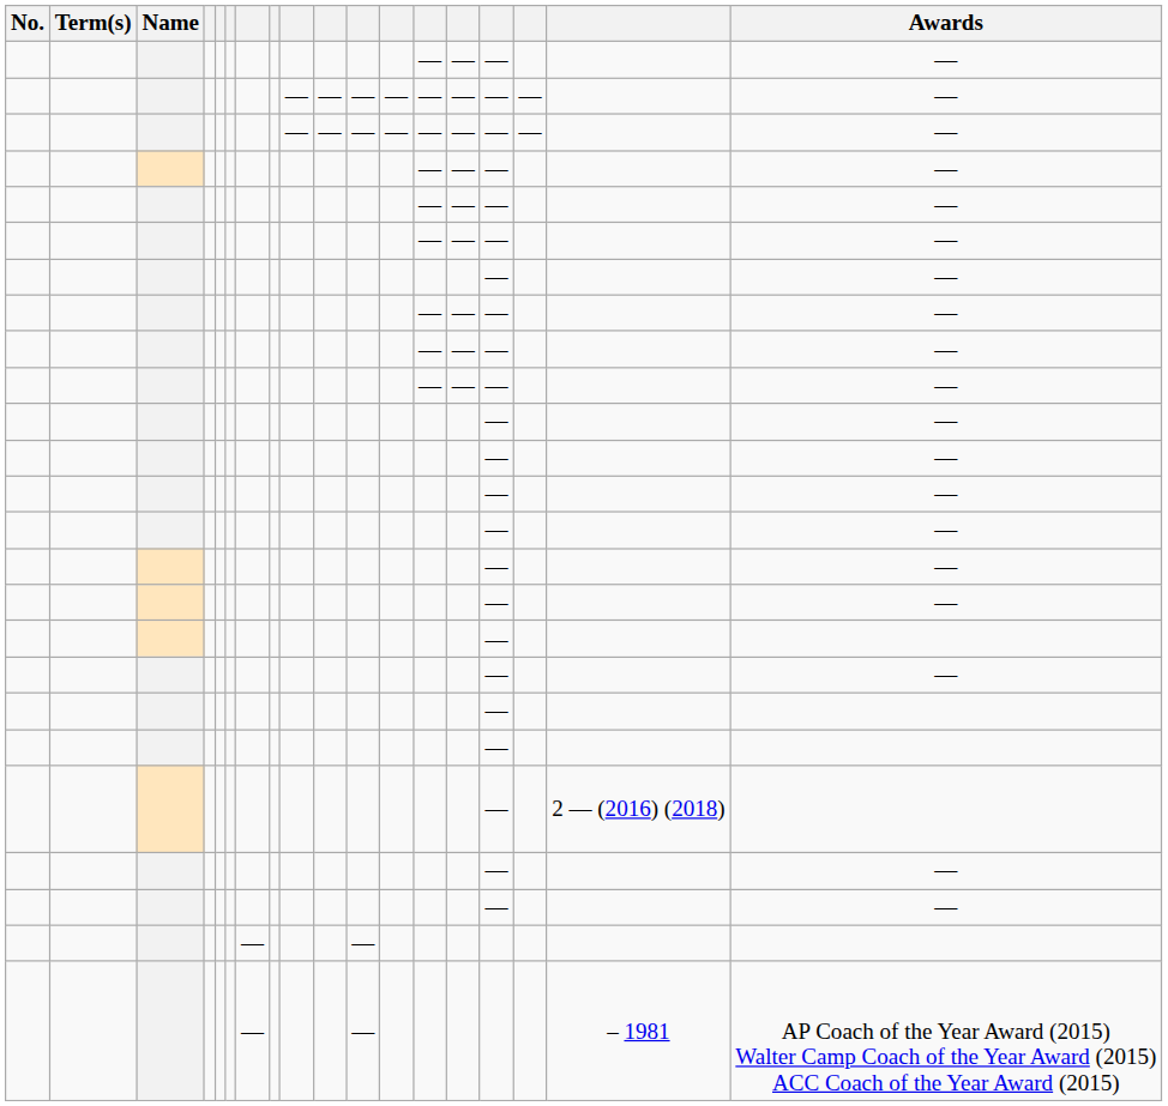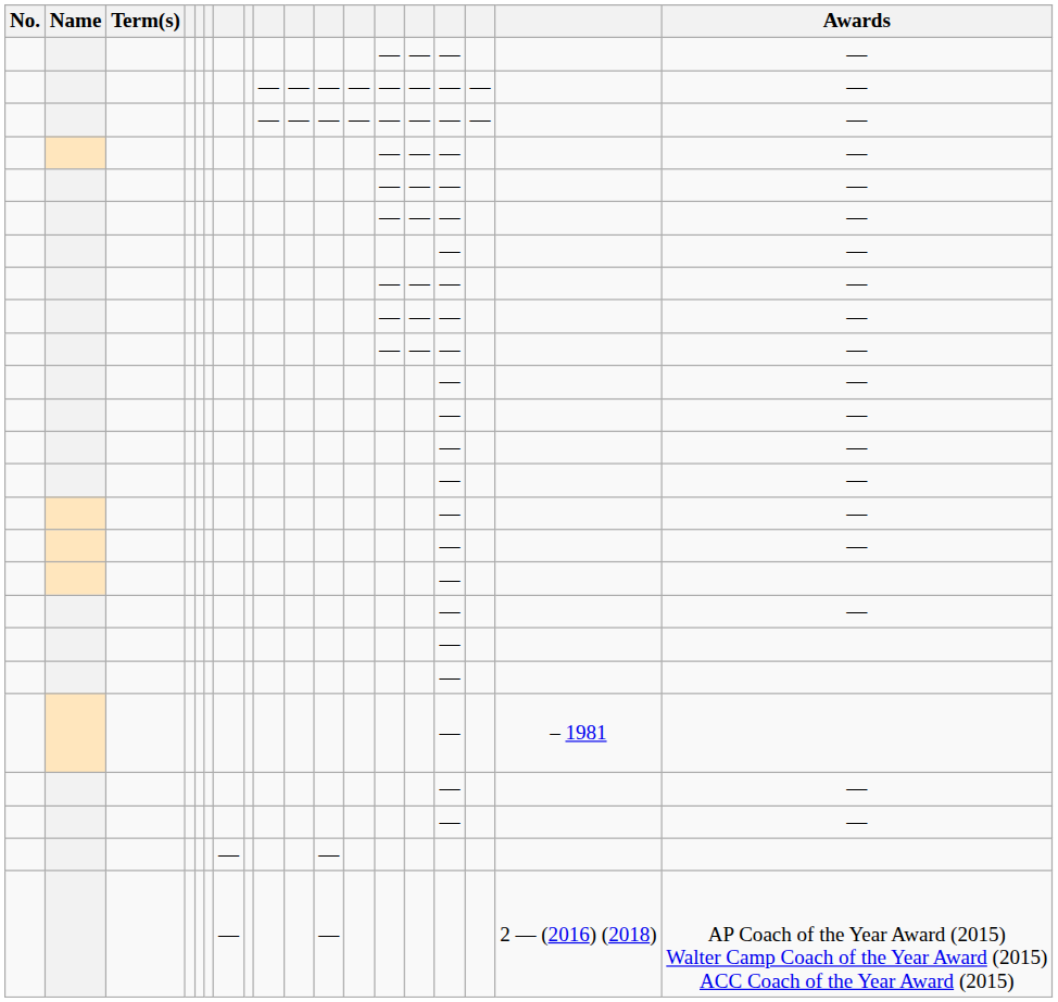 <table class="wikitable plainrowheaders sortable" style="text-align:center;">
 <tr>
 <th scope="col">No.</th>
+<th scope="col">Name</th>
 <th scope="col">Term(s)</th>
-<th scope="col">Name</th>
 <th scope="col"></th>
 <th scope="col"></th>
 <th scope="col"></th>
 <th scope="col"></th>
 <th scope="col"></th>
 <th scope="col"></th>
 <th scope="col"></th>
 <th scope="col"></th>
 <th scope="col"></th>
 <th scope="col"></th>
 <th scope="col"></th>
 <th scope="col"></th>
 <th scope="col"></th>
 <th scope="col"></th>
 <th scope="col" class="unsortable">Awards</th>
 </tr>
 <tr>
 <td></td>
+<th scope="row"></th>
 <td></td>
-<th scope="row"></th>
 <td></td>
 <td></td>
 <td></td>
 <td></td>
 <td></td>
 <td></td>
 <td></td>
 <td></td>
 <td></td>
 <td>—</td>
 <td>—</td>
 <td>—</td>
 <td></td>
 <td></td>
 <td>—</td>
 </tr>
 <tr>
 <td></td>
+<th scope="row"></th>
 <td></td>
-<th scope="row"></th>
 <td></td>
 <td></td>
 <td></td>
 <td></td>
 <td></td>
 <td>—</td>
 <td>—</td>
 <td>—</td>
 <td>—</td>
 <td>—</td>
 <td>—</td>
 <td>—</td>
 <td>—</td>
 <td></td>
 <td>—</td>
 </tr>
 <tr>
 <td></td>
+<th scope="row"></th>
 <td></td>
-<th scope="row"></th>
 <td></td>
 <td></td>
 <td></td>
 <td></td>
 <td></td>
 <td>—</td>
 <td>—</td>
 <td>—</td>
 <td>—</td>
 <td>—</td>
 <td>—</td>
 <td>—</td>
 <td>—</td>
 <td></td>
 <td>—</td>
 </tr>
 <tr>
 <td></td>
+<td scope="row" align="left" bgcolor=#FFE6BD></td>
 <td></td>
-<td scope="row" align="left" bgcolor=#FFE6BD></td>
 <td></td>
 <td></td>
 <td></td>
 <td></td>
 <td></td>
 <td></td>
 <td></td>
 <td></td>
 <td></td>
 <td>—</td>
 <td>—</td>
 <td>—</td>
 <td></td>
 <td></td>
 <td>—</td>
 </tr>
 <tr>
 <td></td>
+<th scope="row"></th>
 <td></td>
-<th scope="row"></th>
 <td></td>
 <td></td>
 <td></td>
 <td></td>
 <td></td>
 <td></td>
 <td></td>
 <td></td>
 <td></td>
 <td>—</td>
 <td>—</td>
 <td>—</td>
 <td></td>
 <td></td>
 <td>—</td>
 </tr>
 <tr>
 <td></td>
+<th scope="row"></th>
 <td></td>
-<th scope="row"></th>
 <td></td>
 <td></td>
 <td></td>
 <td></td>
 <td></td>
 <td></td>
 <td></td>
 <td></td>
 <td></td>
 <td>—</td>
 <td>—</td>
 <td>—</td>
 <td></td>
 <td></td>
 <td>—</td>
 </tr>
 <tr>
 <td></td>
+<th scope="row"></th>
 <td></td>
-<th scope="row"></th>
 <td></td>
 <td></td>
 <td></td>
 <td></td>
 <td></td>
 <td></td>
 <td></td>
 <td></td>
 <td></td>
 <td></td>
 <td></td>
 <td>—</td>
 <td></td>
 <td></td>
 <td>—</td>
 </tr>
 <tr>
 <td></td>
+<th scope="row"></th>
 <td></td>
-<th scope="row"></th>
 <td></td>
 <td></td>
 <td></td>
 <td></td>
 <td></td>
 <td></td>
 <td></td>
 <td></td>
 <td></td>
 <td>—</td>
 <td>—</td>
 <td>—</td>
 <td></td>
 <td></td>
 <td>—</td>
 </tr>
 <tr>
 <td></td>
+<th scope="row"></th>
 <td></td>
-<th scope="row"></th>
 <td></td>
 <td></td>
 <td></td>
 <td></td>
 <td></td>
 <td></td>
 <td></td>
 <td></td>
 <td></td>
 <td>—</td>
 <td>—</td>
 <td>—</td>
 <td></td>
 <td></td>
 <td>—</td>
 </tr>
 <tr>
 <td></td>
+<th scope="row"></th>
 <td></td>
-<th scope="row"></th>
 <td></td>
 <td></td>
 <td></td>
 <td></td>
 <td></td>
 <td></td>
 <td></td>
 <td></td>
 <td></td>
 <td>—</td>
 <td>—</td>
 <td>—</td>
 <td></td>
 <td></td>
 <td>—</td>
 </tr>
 <tr>
 <td></td>
+<th scope="row"></th>
 <td></td>
-<th scope="row"></th>
 <td></td>
 <td></td>
 <td></td>
 <td></td>
 <td></td>
 <td></td>
 <td></td>
 <td></td>
 <td></td>
 <td></td>
 <td></td>
 <td>—</td>
 <td></td>
 <td></td>
 <td>—</td>
 </tr>
 <tr>
 <td></td>
+<th scope="row"></th>
 <td></td>
-<th scope="row"></th>
 <td></td>
 <td></td>
 <td></td>
 <td></td>
 <td></td>
 <td></td>
 <td></td>
 <td></td>
 <td></td>
 <td></td>
 <td></td>
 <td>—</td>
 <td></td>
 <td></td>
 <td>—</td>
 </tr>
 <tr>
 <td></td>
+<th scope="row"></th>
 <td></td>
-<th scope="row"></th>
 <td></td>
 <td></td>
 <td></td>
 <td></td>
 <td></td>
 <td></td>
 <td></td>
 <td></td>
 <td></td>
 <td></td>
 <td></td>
 <td>—</td>
 <td></td>
 <td></td>
 <td>—</td>
 </tr>
 <tr>
 <td></td>
+<th scope="row"></th>
 <td></td>
-<th scope="row"></th>
 <td></td>
 <td></td>
 <td></td>
 <td></td>
 <td></td>
 <td></td>
 <td></td>
 <td></td>
 <td></td>
 <td></td>
 <td></td>
 <td>—</td>
 <td></td>
 <td></td>
 <td>—</td>
 </tr>
 <tr>
 <td></td>
+<td scope="row" align="left" bgcolor=#FFE6BD></td>
 <td></td>
-<td scope="row" align="left" bgcolor=#FFE6BD></td>
 <td></td>
 <td></td>
 <td></td>
 <td></td>
 <td></td>
 <td></td>
 <td></td>
 <td></td>
 <td></td>
 <td></td>
 <td></td>
 <td>—</td>
 <td></td>
 <td></td>
 <td>—</td>
 </tr>
 <tr>
 <td></td>
+<td scope="row" align="left" bgcolor=#FFE6BD></td>
 <td></td>
-<td scope="row" align="left" bgcolor=#FFE6BD></td>
 <td></td>
 <td></td>
 <td></td>
 <td></td>
 <td></td>
 <td></td>
 <td></td>
 <td></td>
 <td></td>
 <td></td>
 <td></td>
 <td>—</td>
 <td></td>
 <td></td>
 <td>—</td>
 </tr>
 <tr>
 <td></td>
+<td scope="row" align="left" bgcolor=#FFE6BD></td>
 <td></td>
-<td scope="row" align="left" bgcolor=#FFE6BD></td>
 <td></td>
 <td></td>
 <td></td>
 <td></td>
 <td></td>
 <td></td>
 <td></td>
 <td></td>
 <td></td>
 <td></td>
 <td></td>
 <td>—</td>
 <td></td>
 <td></td>
 <td><br></td>
 </tr>
 <tr>
 <td></td>
+<th scope="row"></th>
 <td></td>
-<th scope="row"></th>
 <td></td>
 <td></td>
 <td></td>
 <td></td>
 <td></td>
 <td></td>
 <td></td>
 <td></td>
 <td></td>
 <td></td>
 <td></td>
 <td>—</td>
 <td></td>
 <td></td>
 <td>—</td>
 </tr>
 <tr>
 <td></td>
+<th scope="row"></th>
 <td></td>
-<th scope="row"></th>
 <td></td>
 <td></td>
 <td></td>
 <td></td>
 <td></td>
 <td></td>
 <td></td>
 <td></td>
 <td></td>
 <td></td>
 <td></td>
 <td>—</td>
 <td></td>
 <td></td>
 <td></td>
 </tr>
 <tr>
 <td></td>
+<th scope="row"></th>
 <td></td>
-<th scope="row"></th>
 <td></td>
 <td></td>
 <td></td>
 <td></td>
 <td></td>
 <td></td>
 <td></td>
 <td></td>
 <td></td>
 <td></td>
 <td></td>
 <td>—</td>
 <td></td>
 <td></td>
 <td><br></td>
 </tr>
 <tr>
 <td></td>
+<td scope="row" align="left" bgcolor=#FFE6BD></td>
 <td></td>
-<td scope="row" align="left" bgcolor=#FFE6BD></td>
 <td></td>
 <td></td>
 <td></td>
 <td></td>
 <td></td>
 <td></td>
 <td></td>
 <td></td>
 <td></td>
 <td></td>
 <td></td>
 <td>—</td>
 <td></td>
-<td>2 — (<a href='#'>2016</a>) (<a href='#'>2018</a>)</td>
+<td> – <a href='#'>1981</a></td>
 <td><br><br><br></td>
 </tr>
 <tr>
 <td></td>
+<th scope="row"></th>
 <td></td>
-<th scope="row"></th>
 <td></td>
 <td></td>
 <td></td>
 <td></td>
 <td></td>
 <td></td>
 <td></td>
 <td></td>
 <td></td>
 <td></td>
 <td></td>
 <td>—</td>
 <td></td>
 <td></td>
 <td>—</td>
 </tr>
 <tr>
 <td></td>
+<th scope="row"></th>
 <td></td>
-<th scope="row"></th>
 <td></td>
 <td></td>
 <td></td>
 <td></td>
 <td></td>
 <td></td>
 <td></td>
 <td></td>
 <td></td>
 <td></td>
 <td></td>
 <td>—</td>
 <td></td>
 <td></td>
 <td>—</td>
 </tr>
 <tr>
 <td></td>
+<th scope="row"></th>
 <td></td>
-<th scope="row"></th>
 <td></td>
 <td></td>
 <td></td>
 <td>—</td>
 <td></td>
 <td></td>
 <td></td>
 <td>—</td>
 <td></td>
 <td></td>
 <td></td>
 <td></td>
 <td></td>
 <td></td>
 <td><br></td>
 </tr>
 <tr>
 <td></td>
+<th scope="row"></th>
 <td></td>
-<th scope="row"></th>
 <td></td>
 <td></td>
 <td></td>
 <td>—</td>
 <td></td>
 <td></td>
 <td></td>
 <td>—</td>
 <td></td>
 <td></td>
 <td></td>
 <td></td>
 <td></td>
-<td> – <a href='#'>1981</a></td>
+<td>2 — (<a href='#'>2016</a>) (<a href='#'>2018</a>)</td>
 <td><br><br>AP Coach of the Year Award (2015)<br> <a href='#'>Walter Camp Coach of the Year Award</a> (2015)<br> <a href='#'>ACC Coach of the Year Award</a> (2015)<br></td>
 </tr>
 </table>
